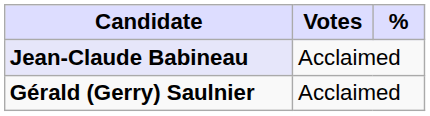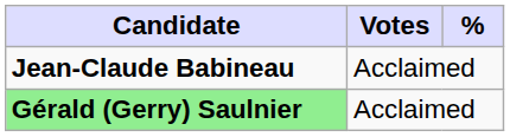 <table class="wikitable">
 <tr>
 <th style="background:#ddf; width:200px;">Candidate</th>
 <th style="background:#ddf; width:50px;">Votes</th>
 <th style="background:#ddf; width:30px;">%</th>
 </tr>
 <tr>
-<td style="background: lavender;"><strong>Jean-Claude Babineau</strong></td>
+<td><strong>Jean-Claude Babineau</strong></td>
 <td colspan="2">Acclaimed</td>
 </tr>
 <tr>
-<td><strong>Gérald (Gerry) Saulnier</strong></td>
+<td style="background: lightgreen;"><strong>Gérald (Gerry) Saulnier</strong></td>
 <td colspan="2">Acclaimed</td>
 </tr>
 </table>
